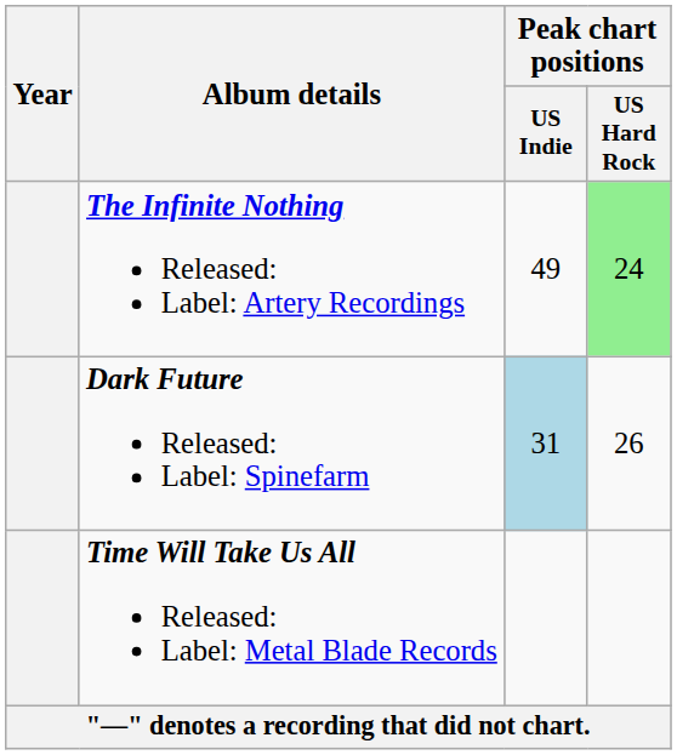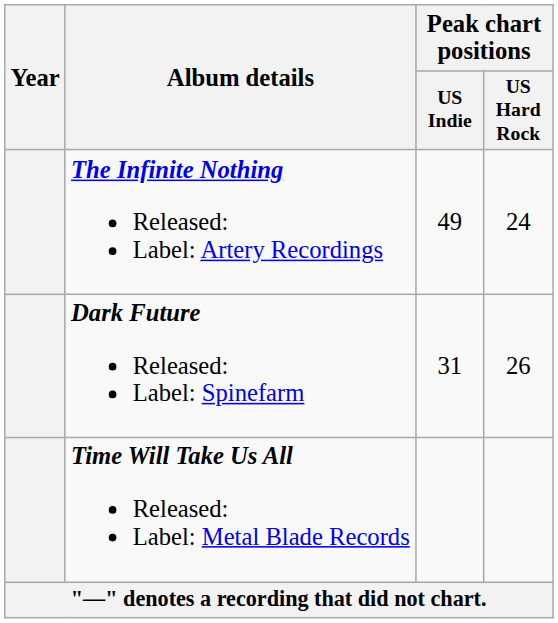 <table class="wikitable plainrowheaders sortable"  style="text-align:center;">
 <tr>
 <th rowspan="2">Year</th>
 <th rowspan="2">Album details</th>
 <th class="unsortable" colspan="3">Peak chart<br>positions</th>
 </tr>
 <tr>
 <th style="width:3em;font-size:80%;" data-sort-type="number">US<br>Indie<br></th>
 <th style="width:3em;font-size:80%;" data-sort-type="number">US<br>Hard<br>Rock<br></th>
 </tr>
 <tr>
 <th></th>
 <td align=left><strong><em><a href='#'>The Infinite Nothing</a></em></strong><br><ul><li>Released: </li><li>Label: <a href='#'>Artery Recordings</a></li></ul></td>
 <td>49</td>
-<td style="background: lightgreen;">24</td>
+<td>24</td>
 </tr>
 <tr>
 <th></th>
 <td align=left><strong><em>Dark Future</em></strong><br><ul><li>Released: </li><li>Label: <a href='#'>Spinefarm</a></li></ul></td>
-<td style="background: lightblue;">31</td>
+<td>31</td>
 <td>26</td>
 </tr>
 <tr>
 <th></th>
 <td align=left><strong><em>Time Will Take Us All</em></strong><br><ul><li>Released: </li><li>Label: <a href='#'>Metal Blade Records</a></li></ul></td>
 <td></td>
 <td></td>
 </tr>
 <tr>
 <th colspan="4" style="font-size:90%">"—" denotes a recording that did not chart.</th>
 </tr>
 </table>
